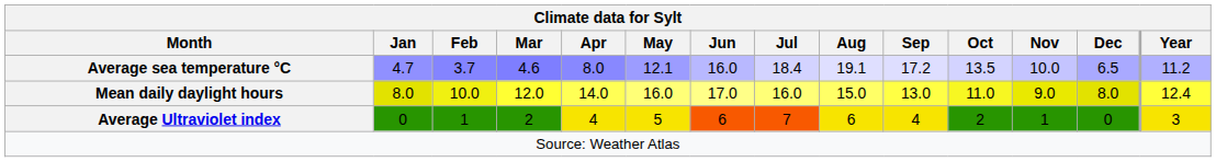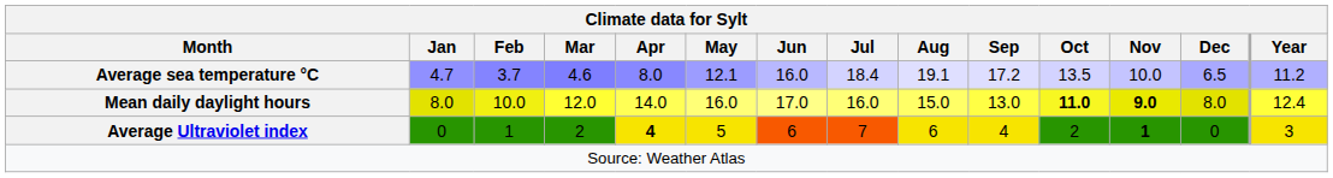 <table style="width:100%;text-align:center;line-height:1.2em;margin-left:auto;margin-right:auto" class="wikitable mw-collapsible">
 <tr>
 <th Colspan=14>Climate data for Sylt</th>
 </tr>
 <tr>
 <th>Month</th>
 <th>Jan</th>
 <th>Feb</th>
 <th>Mar</th>
 <th>Apr</th>
 <th>May</th>
 <th>Jun</th>
 <th>Jul</th>
 <th>Aug</th>
 <th>Sep</th>
 <th>Oct</th>
 <th>Nov</th>
 <th>Dec</th>
 <th style="border-left-width:medium">Year</th>
 </tr>
 <tr>
 <th>Average sea temperature °C</th>
 <td style="background:#9090FF;color:#000000;">4.7<br></td>
 <td style="background:#8484FF;color:#000000;">3.7<br></td>
 <td style="background:#7E7EFF;color:#000000;">4.6<br></td>
 <td style="background:#8888FF;color:#000000;">8.0<br></td>
 <td style="background:#9C9CFF;color:#000000;">12.1<br></td>
 <td style="background:#B8B8FF;color:#000000;">16.0<br></td>
 <td style="background:#D3D3FF;color:#000000;">18.4<br></td>
 <td style="background:#DFDFFF;color:#000000;">19.1<br></td>
 <td style="background:#DEDEFF;color:#000000;">17.2<br></td>
 <td style="background:#D3D3FF;color:#000000;">13.5<br></td>
 <td style="background:#C4C4FF;color:#000000;">10.0<br></td>
 <td style="background:#A9A9FF;color:#000000;">6.5<br></td>
 <td style="background:#B0B0FF;color:#000000;border-left-width:medium">11.2<br></td>
 </tr>
 <tr>
 <th>Mean daily daylight hours</th>
 <td style="background:#E2E200;color:#000000;">8.0</td>
 <td style="background:#F0F011;color:#000000;">10.0</td>
 <td style="background:#FFFF33;color:#000000;">12.0</td>
 <td style="background:#FFFF55;color:#000000;">14.0</td>
 <td style="background:#FFFF77;color:#000000;">16.0</td>
 <td style="background:#FFFF88;color:#000000;">17.0</td>
 <td style="background:#FFFF77;color:#000000;">16.0</td>
 <td style="background:#FFFF66;color:#000000;">15.0</td>
 <td style="background:#FFFF44;color:#000000;">13.0</td>
-<td style="background:#F7F722;color:#000000;">11.0</td>
-<td style="background:#E9E900;color:#000000;">9.0</td>
+<td style="background:#F7F722;color:#000000;"><strong>11.0</strong></td>
+<td style="background:#E9E900;color:#000000;"><strong>9.0</strong></td>
 <td style="background:#E2E200;color:#000000;">8.0</td>
 <td style="background:#FFFF3A;color:#000000;border-left-width:medium">12.4</td>
 </tr>
 <tr>
 <th>Average <a href='#'>Ultraviolet index</a></th>
 <td style="background:#289500;color:#000000;">0</td>
 <td style="background:#289500;color:#000000;">1</td>
 <td style="background:#289500;color:#000000;">2</td>
-<td style="background:#f7e400;color:#000000;">4</td>
+<td style="background:#f7e400;color:#000000;"><strong>4</strong></td>
 <td style="background:#f7e400;color:#000000;">5</td>
 <td style="background:#f85900;color:#000000;">6</td>
 <td style="background:#f85900;color:#000000;">7</td>
 <td style="background:#f7e400;color:#000000;">6</td>
 <td style="background:#f7e400;color:#000000;">4</td>
 <td style="background:#289500;color:#000000;">2</td>
-<td style="background:#289500;color:#000000;">1</td>
+<td style="background:#289500;color:#000000;"><strong>1</strong></td>
 <td style="background:#289500;color:#000000;">0</td>
 <td style="background:#f7e400;color:#000000;border-left-width:medium">3</td>
 </tr>
 <tr>
 <th Colspan=14 style="background:#f8f9fa;font-weight:normal;font-size:95%;">Source: Weather Atlas</th>
 </tr>
 </table>
